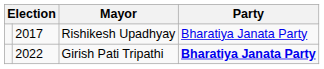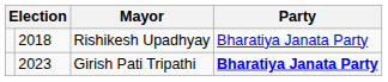 <table class="wikitable">
 <tr>
 <th colspan="2">Election</th>
 <th>Mayor</th>
 <th>Party</th>
 </tr>
 <tr>
 <td style="background-color: "></td>
-<td>2017</td>
+<td>2018</td>
 <td>Rishikesh Upadhyay</td>
 <td><a href='#'>Bharatiya Janata Party</a></td>
 </tr>
 <tr>
 <td style="background-color: "></td>
-<td>2022</td>
+<td>2023</td>
 <td>Girish Pati Tripathi</td>
 <td><strong><a href='#'>Bharatiya Janata Party</a></strong></td>
 </tr>
 </table>
